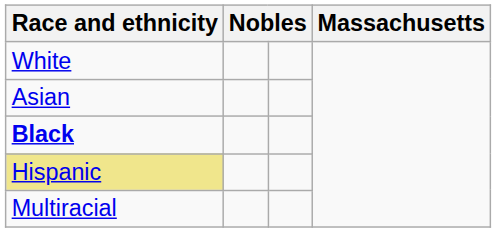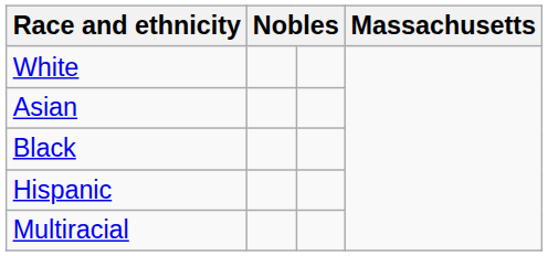 <table class="wikitable sortable collapsible" style="float:right;" ; text-align:right; font-size:80%;">
 <tr>
 <th>Race and ethnicity</th>
 <th colspan="2" data-sort-type="number">Nobles</th>
 <th colspan="2" data-sort-type="number">Massachusetts</th>
 </tr>
 <tr>
 <td><a href='#'>White</a></td>
 <td align=right></td>
 <td align=right></td>
 </tr>
 <tr>
 <td><a href='#'>Asian</a></td>
 <td align=right></td>
 <td align=right></td>
 </tr>
 <tr>
-<td><strong><a href='#'>Black</a></strong></td>
+<td><a href='#'>Black</a></td>
 <td align=right></td>
 <td align=right></td>
 </tr>
 <tr>
-<td style="background: khaki;"><a href='#'>Hispanic</a></td>
+<td><a href='#'>Hispanic</a></td>
 <td align=right></td>
 <td align=right></td>
 </tr>
 <tr>
 <td><a href='#'>Multiracial</a></td>
 <td align=right></td>
 <td align=right></td>
 </tr>
 </table>
